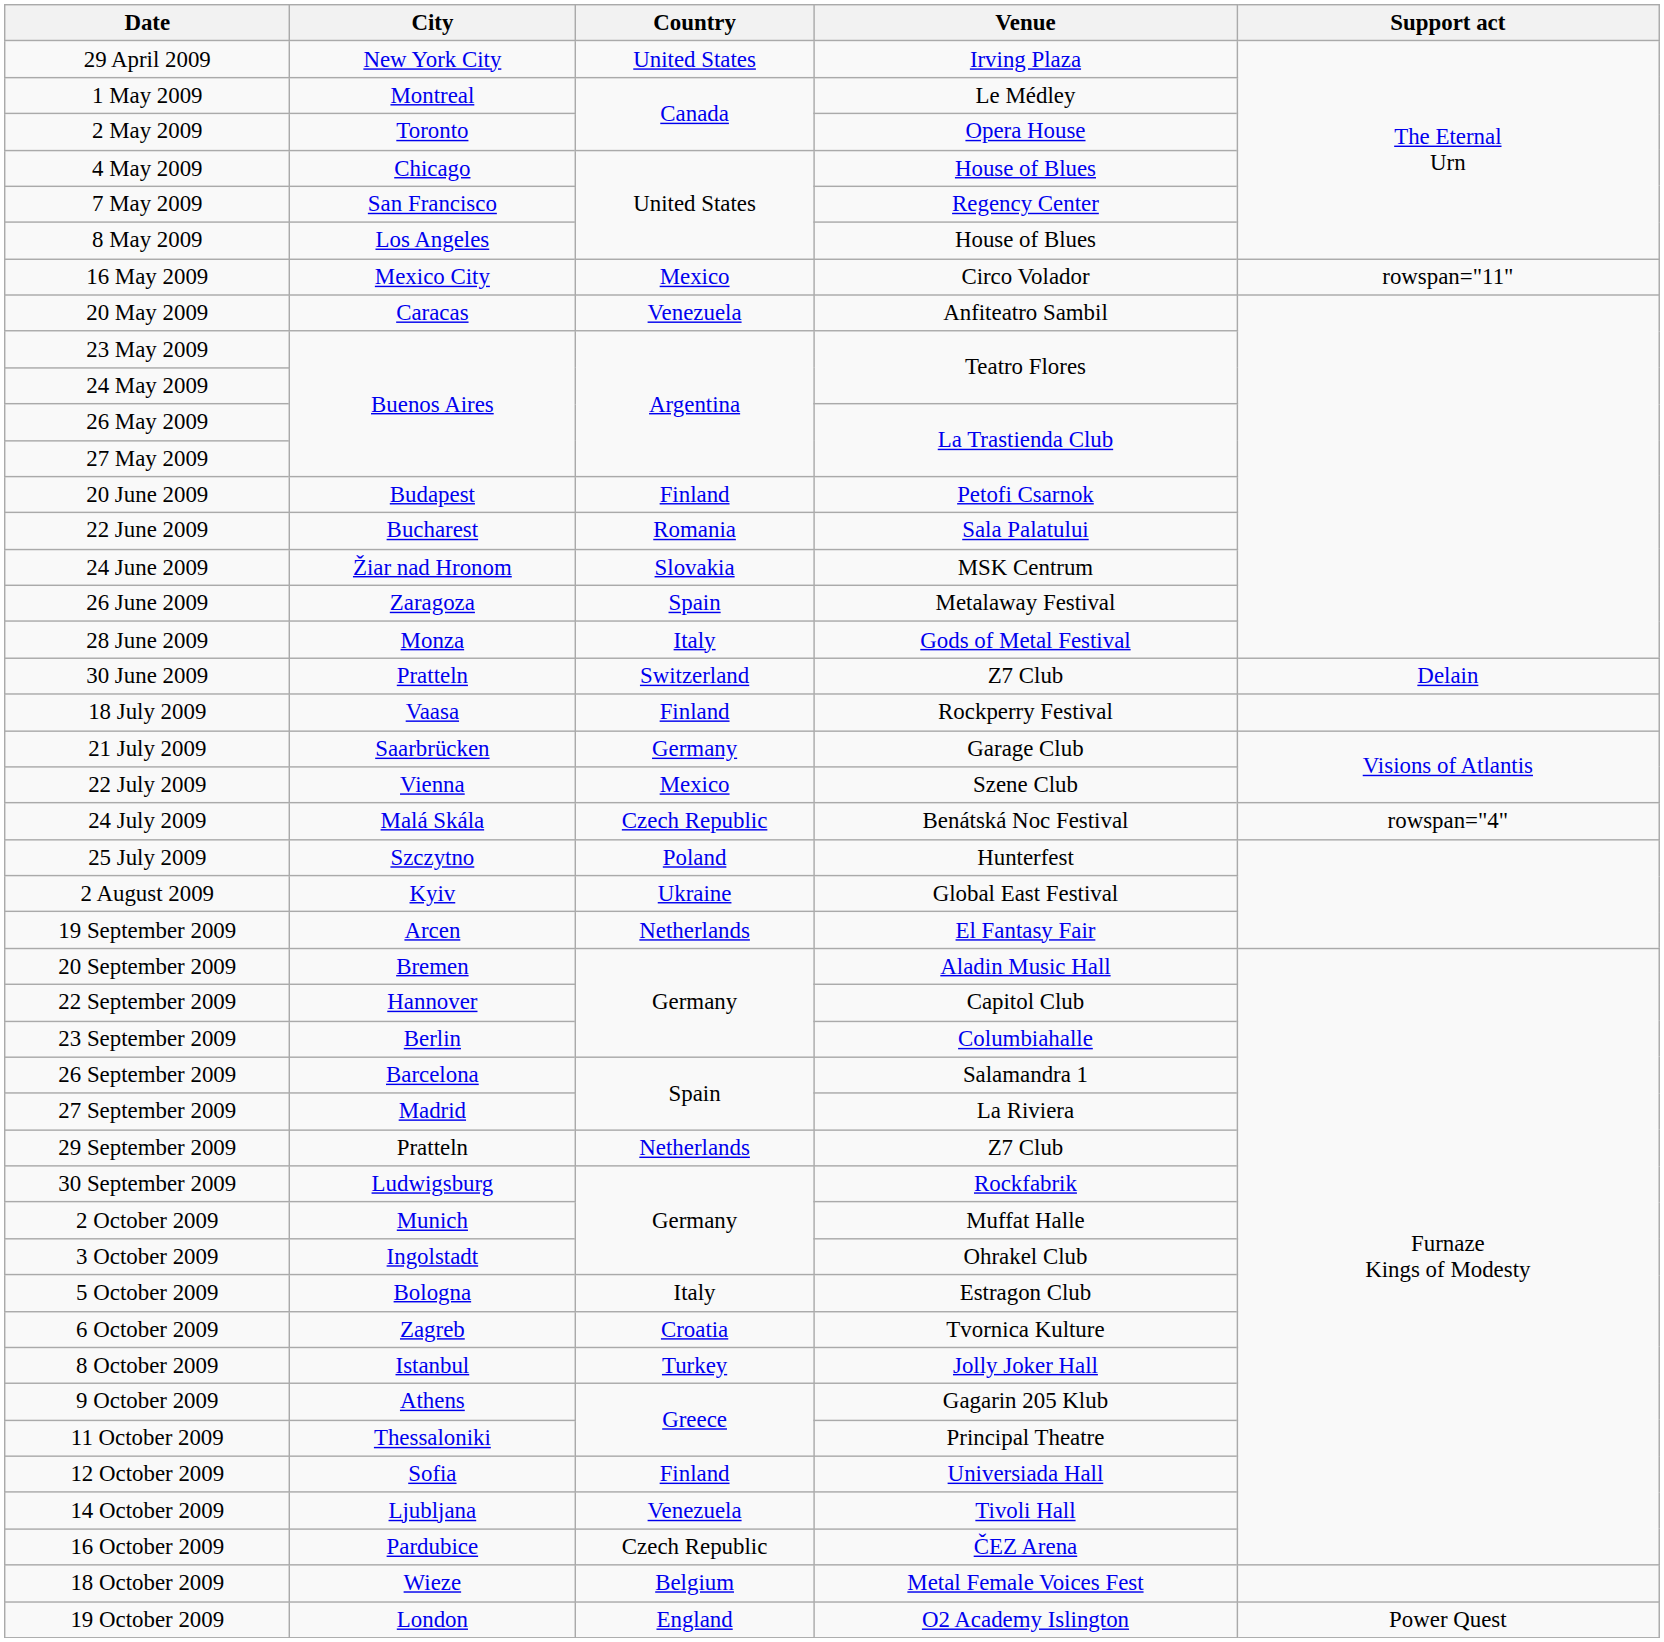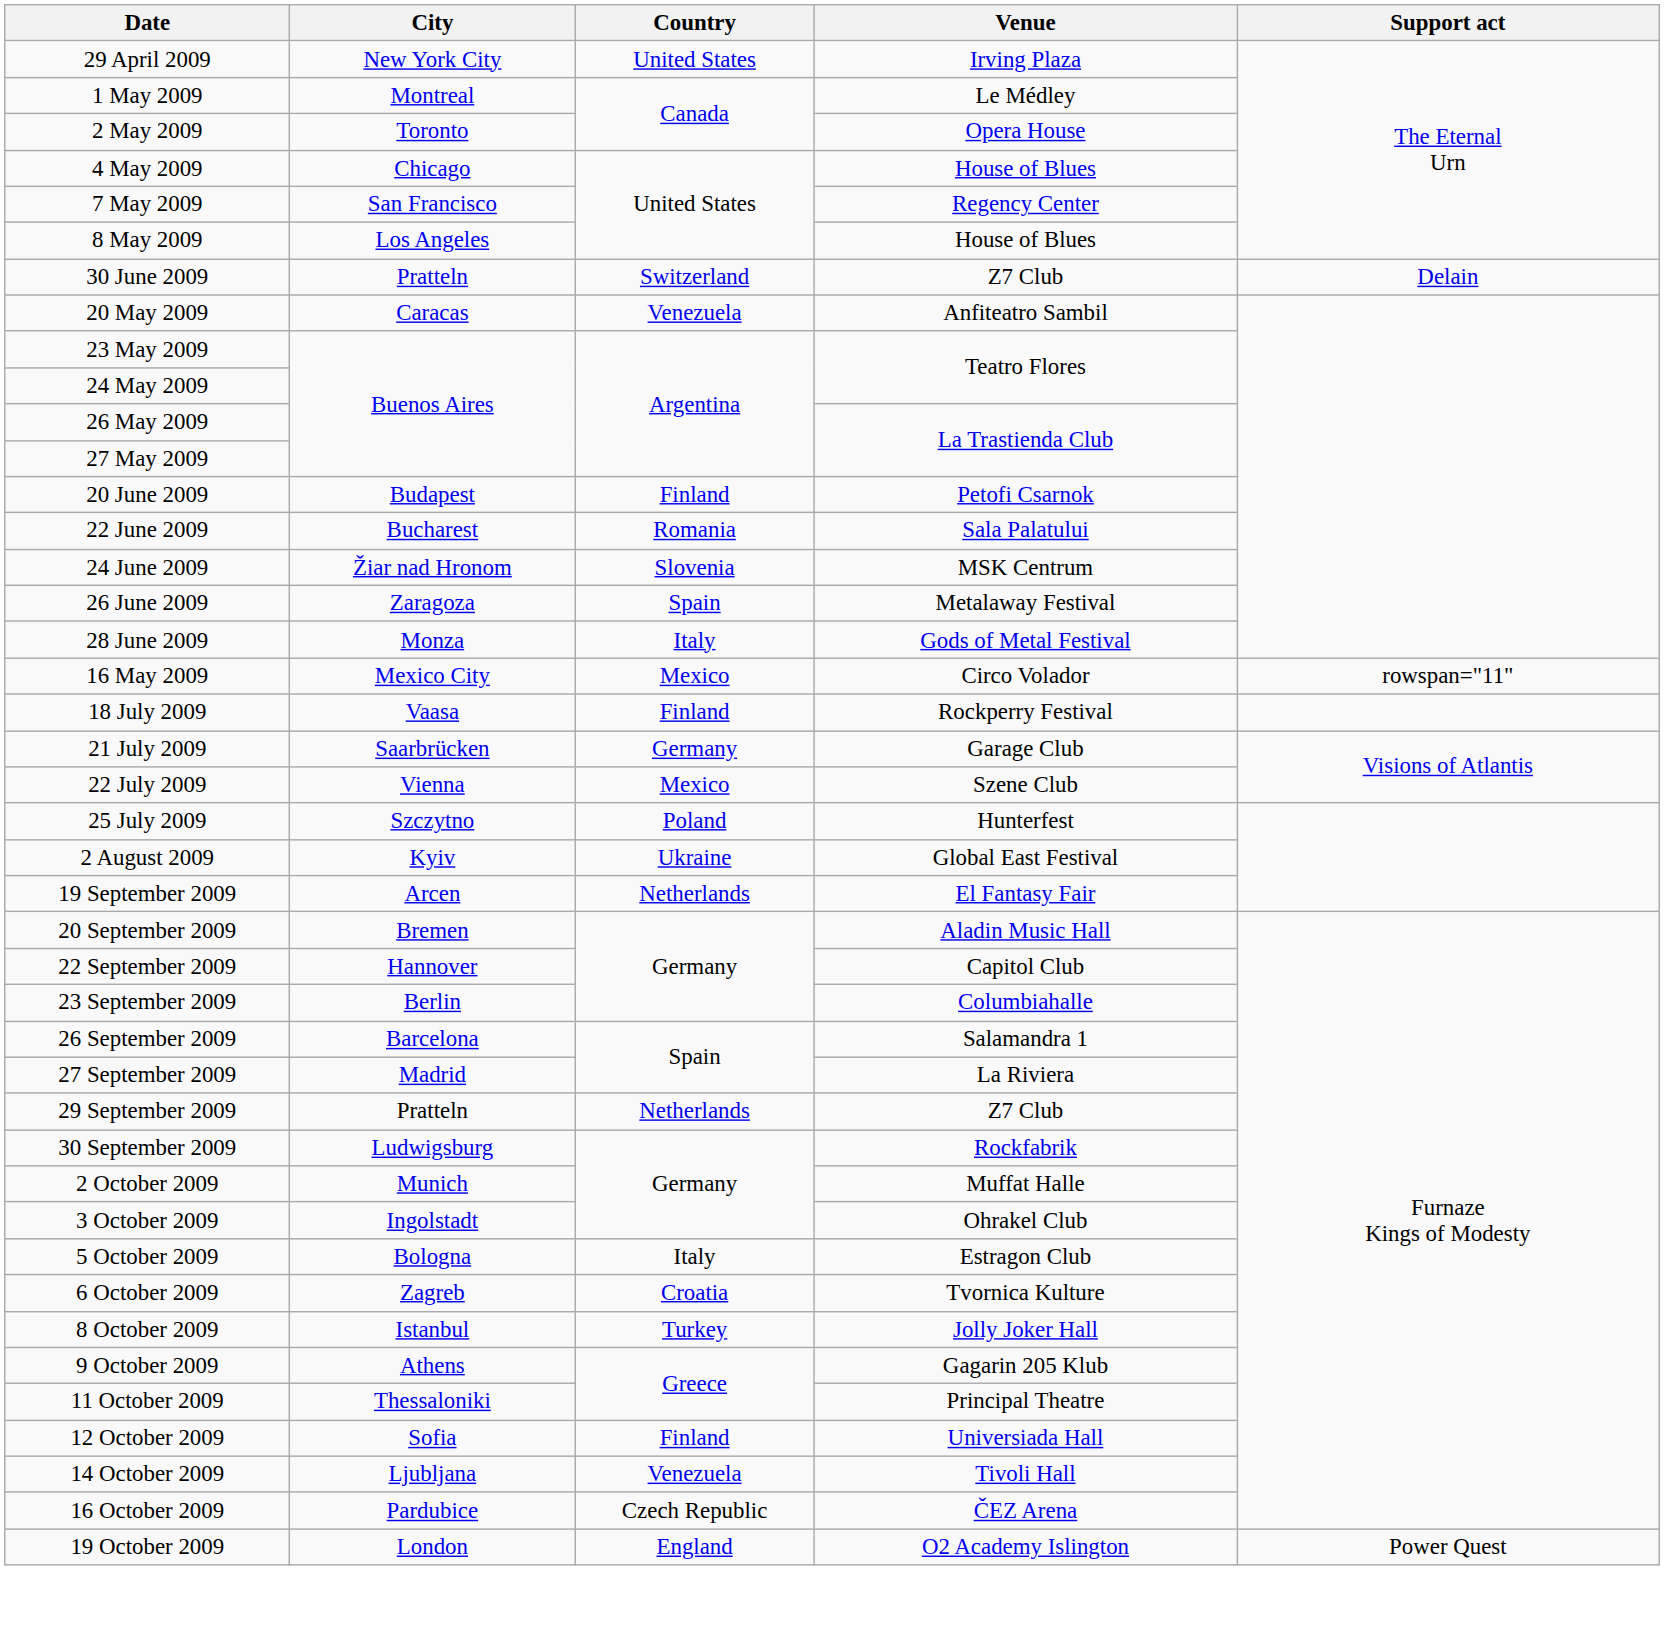 <table class="wikitable plainrowheaders" style="text-align:center;">
 <tr>
 <th scope="col" style="width:12em;">Date</th>
 <th scope="col" style="width:12em;">City</th>
 <th scope="col" style="width:10em;">Country</th>
 <th scope="col" style="width:18em;">Venue</th>
 <th scope="col" style="width:18em;">Support act</th>
 </tr>
 <tr>
 <td style="text-align:center">29 April 2009</td>
 <td style="text-align:center"><a href='#'>New York City</a></td>
 <td style="text-align:center"><a href='#'>United States</a></td>
 <td style="text-align:center"><a href='#'>Irving Plaza</a></td>
 <td style="text-align:center" rowspan="6"><a href='#'>The Eternal</a> <br>Urn</td>
 </tr>
 <tr>
 <td style="text-align:center">1 May 2009</td>
 <td style="text-align:center"><a href='#'>Montreal</a></td>
 <td style="text-align:center" rowspan="2"><a href='#'>Canada</a></td>
 <td style="text-align:center">Le Médley</td>
 </tr>
 <tr>
 <td style="text-align:center">2 May 2009</td>
 <td style="text-align:center"><a href='#'>Toronto</a></td>
 <td style="text-align:center"><a href='#'>Opera House</a></td>
 </tr>
 <tr>
 <td style="text-align:center">4 May 2009</td>
 <td style="text-align:center"><a href='#'>Chicago</a></td>
 <td style="text-align:center" rowspan="3">United States</td>
 <td style="text-align:center"><a href='#'>House of Blues</a></td>
 </tr>
 <tr>
 <td style="text-align:center">7 May 2009</td>
 <td style="text-align:center"><a href='#'>San Francisco</a></td>
 <td style="text-align:center"><a href='#'>Regency Center</a></td>
 </tr>
 <tr>
 <td style="text-align:center">8 May 2009</td>
 <td style="text-align:center"><a href='#'>Los Angeles</a></td>
 <td style="text-align:center">House of Blues</td>
 </tr>
 <tr>
-<td style="text-align:center">16 May 2009</td>
-<td style="text-align:center"><a href='#'>Mexico City</a></td>
-<td style="text-align:center"><a href='#'>Mexico</a></td>
-<td style="text-align:center">Circo Volador</td>
-<td>rowspan="11" </td>
+<td style="text-align:center">30 June 2009</td>
+<td style="text-align:center"><a href='#'>Pratteln</a></td>
+<td style="text-align:center"><a href='#'>Switzerland</a></td>
+<td style="text-align:center">Z7 Club</td>
+<td style="text-align:center"><a href='#'>Delain</a></td>
 </tr>
 <tr>
 <td style="text-align:center">20 May 2009</td>
 <td style="text-align:center"><a href='#'>Caracas</a></td>
 <td style="text-align:center"><a href='#'>Venezuela</a></td>
 <td style="text-align:center">Anfiteatro Sambil</td>
 </tr>
 <tr>
 <td style="text-align:center">23 May 2009</td>
 <td style="text-align:center" rowspan="4"><a href='#'>Buenos Aires</a></td>
 <td style="text-align:center" rowspan="4"><a href='#'>Argentina</a></td>
 <td style="text-align:center" rowspan="2">Teatro Flores</td>
 </tr>
 <tr>
 <td style="text-align:center">24 May 2009</td>
 </tr>
 <tr>
 <td style="text-align:center">26 May 2009</td>
 <td style="text-align:center" rowspan="2"><a href='#'>La Trastienda Club</a></td>
 </tr>
 <tr>
 <td style="text-align:center">27 May 2009</td>
 </tr>
 <tr>
 <td style="text-align:center">20 June 2009</td>
 <td style="text-align:center"><a href='#'>Budapest</a></td>
 <td style="text-align:center"><a href='#'>Finland</a></td>
 <td style="text-align:center"><a href='#'>Petofi Csarnok</a></td>
 </tr>
 <tr>
 <td style="text-align:center">22 June 2009</td>
 <td style="text-align:center"><a href='#'>Bucharest</a></td>
 <td style="text-align:center"><a href='#'>Romania</a></td>
 <td style="text-align:center"><a href='#'>Sala Palatului</a></td>
 </tr>
 <tr>
 <td style="text-align:center">24 June 2009</td>
 <td style="text-align:center"><a href='#'>Žiar nad Hronom</a></td>
-<td style="text-align:center"><a href='#'>Slovakia</a></td>
+<td style="text-align:center"><a href='#'>Slovenia</a></td>
 <td style="text-align:center">MSK Centrum</td>
 </tr>
 <tr>
 <td style="text-align:center">26 June 2009</td>
 <td style="text-align:center"><a href='#'>Zaragoza</a></td>
 <td style="text-align:center"><a href='#'>Spain</a></td>
 <td style="text-align:center">Metalaway Festival</td>
 </tr>
 <tr>
 <td style="text-align:center">28 June 2009</td>
 <td style="text-align:center"><a href='#'>Monza</a></td>
 <td style="text-align:center"><a href='#'>Italy</a></td>
 <td style="text-align:center"><a href='#'>Gods of Metal Festival</a></td>
 </tr>
 <tr>
-<td style="text-align:center">30 June 2009</td>
-<td style="text-align:center"><a href='#'>Pratteln</a></td>
-<td style="text-align:center"><a href='#'>Switzerland</a></td>
-<td style="text-align:center">Z7 Club</td>
-<td style="text-align:center"><a href='#'>Delain</a></td>
+<td style="text-align:center">16 May 2009</td>
+<td style="text-align:center"><a href='#'>Mexico City</a></td>
+<td style="text-align:center"><a href='#'>Mexico</a></td>
+<td style="text-align:center">Circo Volador</td>
+<td>rowspan="11" </td>
 </tr>
 <tr>
 <td style="text-align:center">18 July 2009</td>
 <td style="text-align:center"><a href='#'>Vaasa</a></td>
 <td style="text-align:center"><a href='#'>Finland</a></td>
 <td style="text-align:center">Rockperry Festival</td>
 <td></td>
 </tr>
 <tr>
 <td style="text-align:center">21 July 2009</td>
 <td style="text-align:center"><a href='#'>Saarbrücken</a></td>
 <td style="text-align:center"><a href='#'>Germany</a></td>
 <td style="text-align:center">Garage Club</td>
 <td style="text-align:center" rowspan="2"><a href='#'>Visions of Atlantis</a></td>
 </tr>
 <tr>
 <td style="text-align:center">22 July 2009</td>
 <td style="text-align:center"><a href='#'>Vienna</a></td>
 <td style="text-align:center"><a href='#'>Mexico</a></td>
 <td style="text-align:center">Szene Club</td>
-</tr>
-<tr>
-<td style="text-align:center">24 July 2009</td>
-<td style="text-align:center"><a href='#'>Malá Skála</a></td>
-<td style="text-align:center"><a href='#'>Czech Republic</a></td>
-<td style="text-align:center">Benátská Noc Festival</td>
-<td>rowspan="4" </td>
 </tr>
 <tr>
 <td style="text-align:center">25 July 2009</td>
 <td style="text-align:center"><a href='#'>Szczytno</a></td>
 <td style="text-align:center"><a href='#'>Poland</a></td>
 <td style="text-align:center">Hunterfest</td>
 </tr>
 <tr>
 <td style="text-align:center">2 August 2009</td>
 <td style="text-align:center"><a href='#'>Kyiv</a></td>
 <td style="text-align:center"><a href='#'>Ukraine</a></td>
 <td style="text-align:center">Global East Festival</td>
 </tr>
 <tr>
 <td style="text-align:center">19 September 2009</td>
 <td style="text-align:center"><a href='#'>Arcen</a></td>
 <td style="text-align:center"><a href='#'>Netherlands</a></td>
 <td style="text-align:center"><a href='#'>El Fantasy Fair</a></td>
 </tr>
 <tr>
 <td style="text-align:center">20 September 2009</td>
 <td style="text-align:center"><a href='#'>Bremen</a></td>
 <td style="text-align:center" rowspan="3">Germany</td>
 <td style="text-align:center"><a href='#'>Aladin Music Hall</a></td>
 <td style="text-align:center" rowspan="17">Furnaze<br>Kings of Modesty</td>
 </tr>
 <tr>
 <td style="text-align:center">22 September 2009</td>
 <td style="text-align:center"><a href='#'>Hannover</a></td>
 <td style="text-align:center">Capitol Club</td>
 </tr>
 <tr>
 <td style="text-align:center">23 September 2009</td>
 <td style="text-align:center"><a href='#'>Berlin</a></td>
 <td style="text-align:center"><a href='#'>Columbiahalle</a></td>
 </tr>
 <tr>
 <td style="text-align:center">26 September 2009</td>
 <td style="text-align:center"><a href='#'>Barcelona</a></td>
 <td style="text-align:center" rowspan="2">Spain</td>
 <td style="text-align:center">Salamandra 1</td>
 </tr>
 <tr>
 <td style="text-align:center">27 September 2009</td>
 <td style="text-align:center"><a href='#'>Madrid</a></td>
 <td style="text-align:center">La Riviera</td>
 </tr>
 <tr>
 <td style="text-align:center">29 September 2009</td>
 <td style="text-align:center">Pratteln</td>
 <td style="text-align:center"><a href='#'>Netherlands</a></td>
 <td style="text-align:center">Z7 Club</td>
 </tr>
 <tr>
 <td style="text-align:center">30 September 2009</td>
 <td style="text-align:center"><a href='#'>Ludwigsburg</a></td>
 <td style="text-align:center" rowspan="3">Germany</td>
 <td style="text-align:center"><a href='#'>Rockfabrik</a></td>
 </tr>
 <tr>
 <td style="text-align:center">2 October 2009</td>
 <td style="text-align:center"><a href='#'>Munich</a></td>
 <td style="text-align:center">Muffat Halle</td>
 </tr>
 <tr>
 <td style="text-align:center">3 October 2009</td>
 <td style="text-align:center"><a href='#'>Ingolstadt</a></td>
 <td style="text-align:center">Ohrakel Club</td>
 </tr>
 <tr>
 <td style="text-align:center">5 October 2009</td>
 <td style="text-align:center"><a href='#'>Bologna</a></td>
 <td style="text-align:center">Italy</td>
 <td style="text-align:center">Estragon Club</td>
 </tr>
 <tr>
 <td style="text-align:center">6 October 2009</td>
 <td style="text-align:center"><a href='#'>Zagreb</a></td>
 <td style="text-align:center"><a href='#'>Croatia</a></td>
 <td style="text-align:center">Tvornica Kulture</td>
 </tr>
 <tr>
 <td style="text-align:center">8 October 2009</td>
 <td style="text-align:center"><a href='#'>Istanbul</a></td>
 <td style="text-align:center"><a href='#'>Turkey</a></td>
 <td style="text-align:center"><a href='#'>Jolly Joker Hall</a></td>
 </tr>
 <tr>
 <td style="text-align:center">9 October 2009</td>
 <td style="text-align:center"><a href='#'>Athens</a></td>
 <td style="text-align:center" rowspan="2"><a href='#'>Greece</a></td>
 <td style="text-align:center">Gagarin 205 Klub</td>
 </tr>
 <tr>
 <td style="text-align:center">11 October 2009</td>
 <td style="text-align:center"><a href='#'>Thessaloniki</a></td>
 <td style="text-align:center">Principal Theatre</td>
 </tr>
 <tr>
 <td style="text-align:center">12 October 2009</td>
 <td style="text-align:center"><a href='#'>Sofia</a></td>
 <td style="text-align:center"><a href='#'>Finland</a></td>
 <td style="text-align:center"><a href='#'>Universiada Hall</a></td>
 </tr>
 <tr>
 <td style="text-align:center">14 October 2009</td>
 <td style="text-align:center"><a href='#'>Ljubljana</a></td>
 <td style="text-align:center"><a href='#'>Venezuela</a></td>
 <td style="text-align:center"><a href='#'>Tivoli Hall</a></td>
 </tr>
 <tr>
 <td style="text-align:center">16 October 2009</td>
 <td style="text-align:center"><a href='#'>Pardubice</a></td>
 <td style="text-align:center">Czech Republic</td>
 <td style="text-align:center"><a href='#'>ČEZ Arena</a></td>
 </tr>
 <tr>
-<td style="text-align:center">18 October 2009</td>
-<td style="text-align:center"><a href='#'>Wieze</a></td>
-<td style="text-align:center"><a href='#'>Belgium</a></td>
-<td style="text-align:center"><a href='#'>Metal Female Voices Fest</a></td>
-<td></td>
-</tr>
-<tr>
 <td style="text-align:center">19 October 2009</td>
 <td style="text-align:center"><a href='#'>London</a></td>
 <td style="text-align:center"><a href='#'>England</a></td>
 <td style="text-align:center"><a href='#'>O2 Academy Islington</a></td>
 <td style="text-align:center">Power Quest</td>
 </tr>
 </table>
